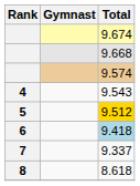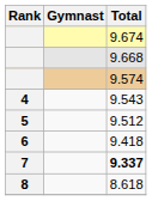 <table class="wikitable sortable" style="text-align:center; font-size:95%">
 <tr>
 <th scope=col>Rank</th>
 <th scope=col>Gymnast</th>
 <th scope=col>Total</th>
 </tr>
 <tr bgcolor=fffcaf>
 <th scope=row style="text-align:center"></th>
 <td align=left></td>
 <td>9.674</td>
 </tr>
 <tr bgcolor=e5e5e5>
 <th scope=row style="text-align:center"></th>
 <td align=left></td>
 <td>9.668</td>
 </tr>
 <tr bgcolor=eecc99>
 <th scope=row style="text-align:center"></th>
 <td align=left></td>
 <td>9.574</td>
 </tr>
 <tr>
 <th scope=row style="text-align:center">4</th>
 <td align=left></td>
 <td>9.543</td>
 </tr>
 <tr>
 <th scope=row style="text-align:center">5</th>
 <td align=left></td>
-<td style="background: gold;">9.512</td>
+<td>9.512</td>
 </tr>
 <tr>
 <th scope=row style="text-align:center">6</th>
 <td align=left></td>
-<td style="background: lightblue;">9.418</td>
+<td>9.418</td>
 </tr>
 <tr>
 <th scope=row style="text-align:center">7</th>
 <td align=left></td>
-<td>9.337</td>
+<td><strong>9.337</strong></td>
 </tr>
 <tr>
 <th scope=row style="text-align:center">8</th>
 <td align=left></td>
 <td>8.618</td>
 </tr>
 <tr>
 </tr>
 </table>
